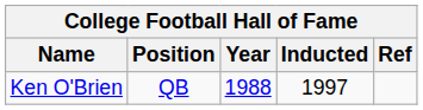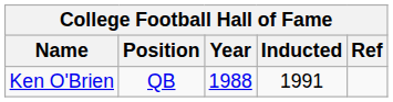 <table class="wikitable">
 <tr align="center">
 <th colspan=5>College Football Hall of Fame</th>
 </tr>
 <tr>
 <th>Name</th>
 <th>Position</th>
 <th>Year</th>
 <th>Inducted</th>
 <th>Ref</th>
 </tr>
 <tr align="center" bgcolor="">
 <td><a href='#'>Ken O'Brien</a></td>
 <td><a href='#'>QB</a></td>
 <td><a href='#'>1988</a></td>
-<td>1997</td>
+<td>1991</td>
 <td></td>
 </tr>
 </table>
